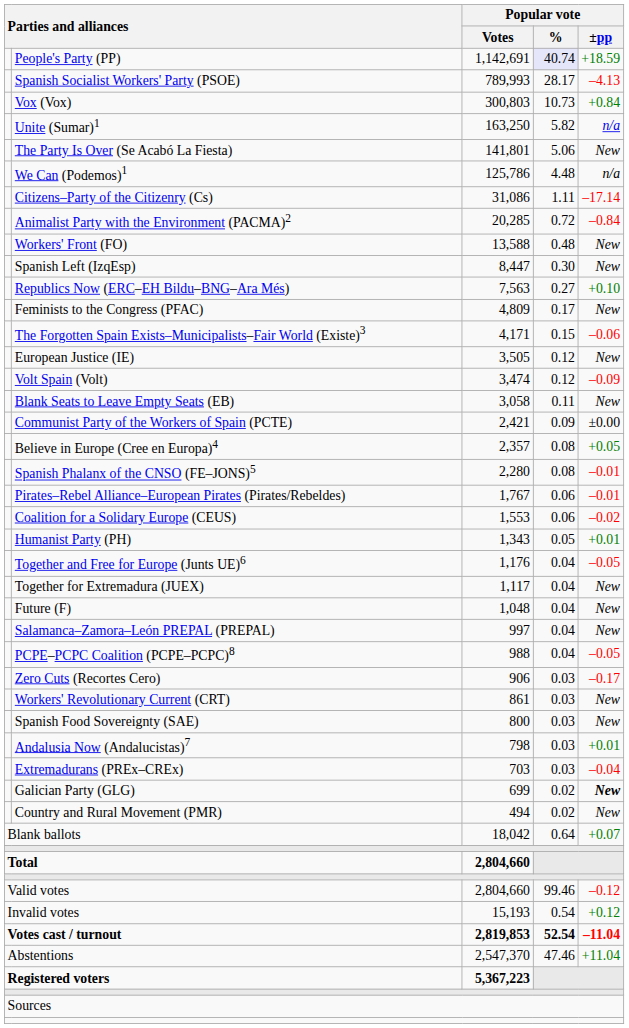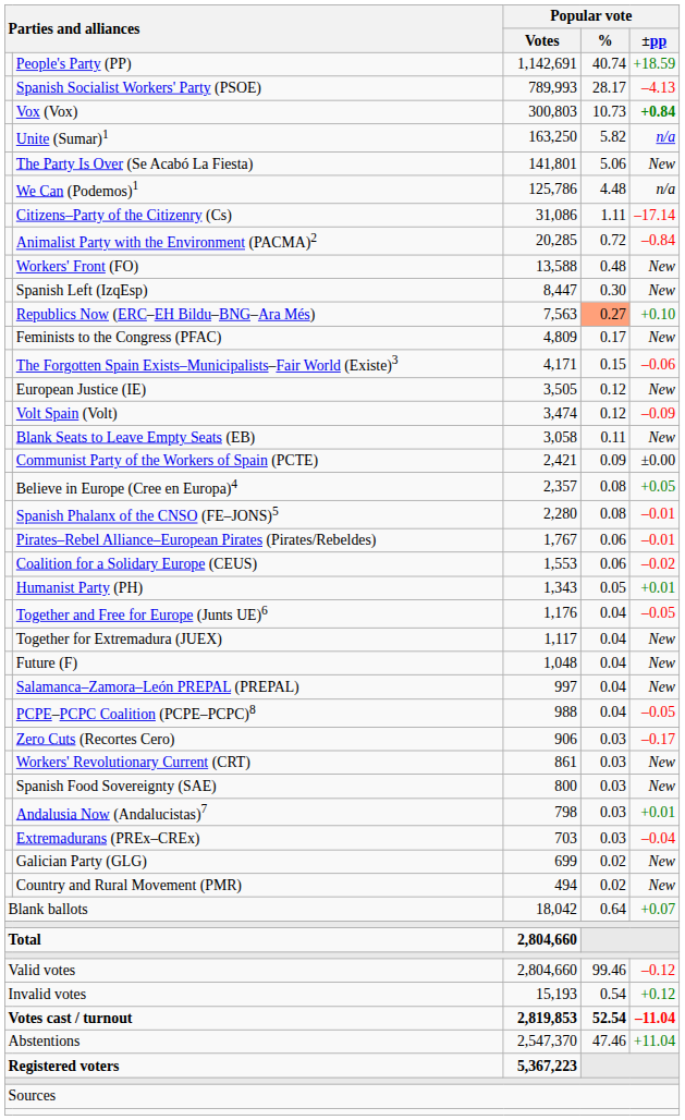 <table class="wikitable" style="text-align:right;">
 <tr>
 <th style="text-align:left;" rowspan="2" colspan="2" width="525">Parties and alliances</th>
 <th colspan="3">Popular vote</th>
 </tr>
 <tr bgcolor="#E9E9E9" align="center">
 <th width="75">Votes</th>
 <th width="45">%</th>
 <th width="45">±<a href='#'>pp</a></th>
 </tr>
 <tr>
 <td width="1" style="color:inherit;background:"></td>
 <td align="left"><a href='#'>People's Party</a> (PP)</td>
 <td>1,142,691</td>
-<td style="background: lavender;">40.74</td>
+<td>40.74</td>
 <td style="color:green;">+18.59</td>
 </tr>
 <tr>
 <td style="color:inherit;background:"></td>
 <td align="left"><a href='#'>Spanish Socialist Workers' Party</a> (PSOE)</td>
 <td>789,993</td>
 <td>28.17</td>
 <td style="color:red;">–4.13</td>
 </tr>
 <tr>
 <td style="color:inherit;background:"></td>
 <td align="left"><a href='#'>Vox</a> (Vox)</td>
 <td>300,803</td>
 <td>10.73</td>
-<td style="color:green;">+0.84</td>
+<td style="color:green;"><strong>+0.84</strong></td>
 </tr>
 <tr>
 <td style="color:inherit;background:"></td>
 <td align="left"><a href='#'>Unite</a> (Sumar)<sup>1</sup></td>
 <td>163,250</td>
 <td>5.82</td>
 <td><em><a href='#'>n/a</a></em></td>
 </tr>
 <tr>
 <td style="color:inherit;background:"></td>
 <td align="left"><a href='#'>The Party Is Over</a> (Se Acabó La Fiesta)</td>
 <td>141,801</td>
 <td>5.06</td>
 <td><em>New</em></td>
 </tr>
 <tr>
 <td style="color:inherit;background:"></td>
 <td align="left"><a href='#'>We Can</a> (Podemos)<sup>1</sup></td>
 <td>125,786</td>
 <td>4.48</td>
 <td><em>n/a</em></td>
 </tr>
 <tr>
 <td style="color:inherit;background:"></td>
 <td align="left"><a href='#'>Citizens–Party of the Citizenry</a> (Cs)</td>
 <td>31,086</td>
 <td>1.11</td>
 <td style="color:red;">–17.14</td>
 </tr>
 <tr>
 <td style="color:inherit;background:"></td>
 <td align="left"><a href='#'>Animalist Party with the Environment</a> (PACMA)<sup>2</sup></td>
 <td>20,285</td>
 <td>0.72</td>
 <td style="color:red;">–0.84</td>
 </tr>
 <tr>
 <td style="color:inherit;background:"></td>
 <td align="left"><a href='#'>Workers' Front</a> (FO)</td>
 <td>13,588</td>
 <td>0.48</td>
 <td><em>New</em></td>
 </tr>
 <tr>
 <td style="color:inherit;background:"></td>
 <td align="left">Spanish Left (IzqEsp)</td>
 <td>8,447</td>
 <td>0.30</td>
 <td><em>New</em></td>
 </tr>
 <tr>
 <td style="color:inherit;background:"></td>
 <td align="left"><a href='#'>Republics Now</a> (<a href='#'>ERC</a>–<a href='#'>EH Bildu</a>–<a href='#'>BNG</a>–<a href='#'>Ara Més</a>)</td>
 <td>7,563</td>
-<td>0.27</td>
+<td style="background: lightsalmon;">0.27</td>
 <td style="color:green;">+0.10</td>
 </tr>
 <tr>
 <td style="color:inherit;background:"></td>
 <td align="left">Feminists to the Congress (PFAC)</td>
 <td>4,809</td>
 <td>0.17</td>
 <td><em>New</em></td>
 </tr>
 <tr>
 <td style="color:inherit;background:"></td>
 <td align="left"><a href='#'>The Forgotten Spain Exists–Municipalists</a>–<a href='#'>Fair World</a> (Existe)<sup>3</sup></td>
 <td>4,171</td>
 <td>0.15</td>
 <td style="color:red;">–0.06</td>
 </tr>
 <tr>
 <td style="color:inherit;background:"></td>
 <td align="left">European Justice (IE)</td>
 <td>3,505</td>
 <td>0.12</td>
 <td><em>New</em></td>
 </tr>
 <tr>
 <td style="color:inherit;background:"></td>
 <td align="left"><a href='#'>Volt Spain</a> (Volt)</td>
 <td>3,474</td>
 <td>0.12</td>
 <td style="color:red;">–0.09</td>
 </tr>
 <tr>
 <td style="color:inherit;background:"></td>
 <td align="left"><a href='#'>Blank Seats to Leave Empty Seats</a> (EB)</td>
 <td>3,058</td>
 <td>0.11</td>
 <td><em>New</em></td>
 </tr>
 <tr>
 <td style="color:inherit;background:"></td>
 <td align="left"><a href='#'>Communist Party of the Workers of Spain</a> (PCTE)</td>
 <td>2,421</td>
 <td>0.09</td>
 <td>±0.00</td>
 </tr>
 <tr>
 <td style="color:inherit;background:"></td>
 <td align="left">Believe in Europe (Cree en Europa)<sup>4</sup></td>
 <td>2,357</td>
 <td>0.08</td>
 <td style="color:green;">+0.05</td>
 </tr>
 <tr>
 <td style="color:inherit;background:"></td>
 <td align="left"><a href='#'>Spanish Phalanx of the CNSO</a> (FE–JONS)<sup>5</sup></td>
 <td>2,280</td>
 <td>0.08</td>
 <td style="color:red;">–0.01</td>
 </tr>
 <tr>
 <td style="color:inherit;background:"></td>
 <td align="left"><a href='#'>Pirates–Rebel Alliance–European Pirates</a> (Pirates/Rebeldes)</td>
 <td>1,767</td>
 <td>0.06</td>
 <td style="color:red;">–0.01</td>
 </tr>
 <tr>
 <td style="color:inherit;background:"></td>
 <td align="left"><a href='#'>Coalition for a Solidary Europe</a> (CEUS)</td>
 <td>1,553</td>
 <td>0.06</td>
 <td style="color:red;">–0.02</td>
 </tr>
 <tr>
 <td style="color:inherit;background:"></td>
 <td align="left"><a href='#'>Humanist Party</a> (PH)</td>
 <td>1,343</td>
 <td>0.05</td>
 <td style="color:green;">+0.01</td>
 </tr>
 <tr>
 <td style="color:inherit;background:"></td>
 <td align="left"><a href='#'>Together and Free for Europe</a> (Junts UE)<sup>6</sup></td>
 <td>1,176</td>
 <td>0.04</td>
 <td style="color:red;">–0.05</td>
 </tr>
 <tr>
 <td style="color:inherit;background:"></td>
 <td align="left">Together for Extremadura (JUEX)</td>
 <td>1,117</td>
 <td>0.04</td>
 <td><em>New</em></td>
 </tr>
 <tr>
 <td style="color:inherit;background:"></td>
 <td align="left">Future (F)</td>
 <td>1,048</td>
 <td>0.04</td>
 <td><em>New</em></td>
 </tr>
 <tr>
 <td style="color:inherit;background:"></td>
 <td align="left"><a href='#'>Salamanca–Zamora–León PREPAL</a> (PREPAL)</td>
 <td>997</td>
 <td>0.04</td>
 <td><em>New</em></td>
 </tr>
 <tr>
 <td style="color:inherit;background:"></td>
 <td align="left"><a href='#'>PCPE</a>–<a href='#'>PCPC Coalition</a> (PCPE–PCPC)<sup>8</sup></td>
 <td>988</td>
 <td>0.04</td>
 <td style="color:red;">–0.05</td>
 </tr>
 <tr>
 <td style="color:inherit;background:"></td>
 <td align="left"><a href='#'>Zero Cuts</a> (Recortes Cero)</td>
 <td>906</td>
 <td>0.03</td>
 <td style="color:red;">–0.17</td>
 </tr>
 <tr>
 <td style="color:inherit;background:"></td>
 <td align="left"><a href='#'>Workers' Revolutionary Current</a> (CRT)</td>
 <td>861</td>
 <td>0.03</td>
 <td><em>New</em></td>
 </tr>
 <tr>
 <td style="color:inherit;background:"></td>
 <td align="left">Spanish Food Sovereignty (SAE)</td>
 <td>800</td>
 <td>0.03</td>
 <td><em>New</em></td>
 </tr>
 <tr>
 <td style="color:inherit;background:"></td>
 <td align="left"><a href='#'>Andalusia Now</a> (Andalucistas)<sup>7</sup></td>
 <td>798</td>
 <td>0.03</td>
 <td style="color:green;">+0.01</td>
 </tr>
 <tr>
 <td style="color:inherit;background:"></td>
 <td align="left"><a href='#'>Extremadurans</a> (PREx–CREx)</td>
 <td>703</td>
 <td>0.03</td>
 <td style="color:red;">–0.04</td>
 </tr>
 <tr>
 <td style="color:inherit;background:"></td>
 <td align="left">Galician Party (GLG)</td>
 <td>699</td>
 <td>0.02</td>
-<td><strong><em>New</em></strong></td>
+<td><em>New</em></td>
 </tr>
 <tr>
 <td style="color:inherit;background:"></td>
 <td align="left">Country and Rural Movement (PMR)</td>
 <td>494</td>
 <td>0.02</td>
 <td><em>New</em></td>
 </tr>
 <tr>
 <td align="left" colspan="2">Blank ballots</td>
 <td>18,042</td>
 <td>0.64</td>
 <td style="color:green;">+0.07</td>
 </tr>
 <tr>
 <td colspan="5" bgcolor="#E9E9E9"></td>
 </tr>
 <tr style="font-weight:bold;">
 <td align="left" colspan="2">Total</td>
 <td>2,804,660</td>
 <td bgcolor="#E9E9E9" colspan="2"></td>
 </tr>
 <tr>
 <td colspan="5" bgcolor="#E9E9E9"></td>
 </tr>
 <tr>
 <td align="left" colspan="2">Valid votes</td>
 <td>2,804,660</td>
 <td>99.46</td>
 <td style="color:red;">–0.12</td>
 </tr>
 <tr>
 <td align="left" colspan="2">Invalid votes</td>
 <td>15,193</td>
 <td>0.54</td>
 <td style="color:green;">+0.12</td>
 </tr>
 <tr style="font-weight:bold;">
 <td align="left" colspan="2">Votes cast / turnout</td>
 <td>2,819,853</td>
 <td>52.54</td>
 <td style="color:red;">–11.04</td>
 </tr>
 <tr>
 <td align="left" colspan="2">Abstentions</td>
 <td>2,547,370</td>
 <td>47.46</td>
 <td style="color:green;">+11.04</td>
 </tr>
 <tr style="font-weight:bold;">
 <td align="left" colspan="2">Registered voters</td>
 <td>5,367,223</td>
 <td bgcolor="#E9E9E9" colspan="2"></td>
 </tr>
 <tr>
 <td colspan="5" bgcolor="#E9E9E9"></td>
 </tr>
 <tr>
 <td align="left" colspan="5">Sources</td>
 </tr>
 <tr>
 <td colspan="5" style="text-align:left; max-width:790px;"></td>
 </tr>
 </table>
